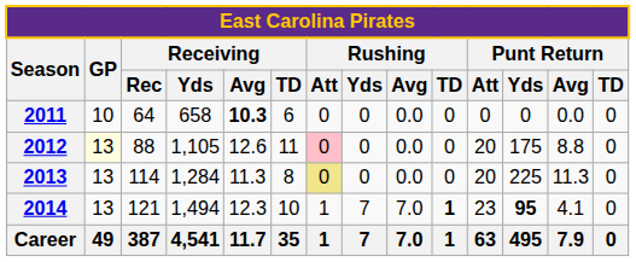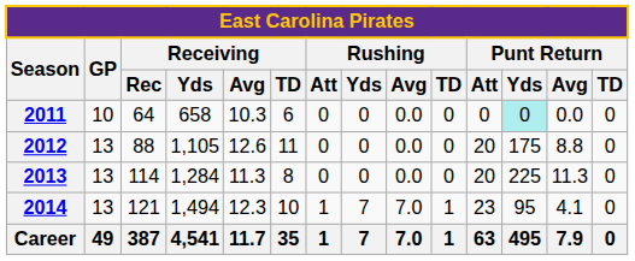 <table class=wikitable style="text-align:center;">
 <tr>
 <th colspan="15" style="background: #592A8A; border: 2px solid #FFC702; color:#FFC702;">East Carolina Pirates</th>
 </tr>
 <tr>
 <th rowspan="2">Season</th>
 <th rowspan="2">GP</th>
 <th colspan="4">Receiving</th>
 <th colspan="4">Rushing</th>
 <th colspan="4">Punt Return</th>
 </tr>
 <tr>
 <th>Rec</th>
 <th>Yds</th>
 <th>Avg</th>
 <th>TD</th>
 <th>Att</th>
 <th>Yds</th>
 <th>Avg</th>
 <th>TD</th>
 <th>Att</th>
 <th>Yds</th>
 <th>Avg</th>
 <th>TD</th>
 </tr>
 <tr>
 <th><a href='#'>2011</a></th>
 <td>10</td>
 <td>64</td>
 <td>658</td>
-<td><strong>10.3</strong></td>
+<td>10.3</td>
 <td>6</td>
 <td>0</td>
 <td>0</td>
 <td>0.0</td>
 <td>0</td>
 <td>0</td>
-<td>0</td>
+<td style="background: paleturquoise;">0</td>
 <td>0.0</td>
 <td>0</td>
 </tr>
 <tr>
 <th><a href='#'>2012</a></th>
-<td style="background: lightyellow;">13</td>
+<td>13</td>
 <td>88</td>
 <td>1,105</td>
 <td>12.6</td>
 <td>11</td>
-<td style="background: pink;">0</td>
+<td>0</td>
 <td>0</td>
 <td>0.0</td>
 <td>0</td>
 <td>20</td>
 <td>175</td>
 <td>8.8</td>
 <td>0</td>
 </tr>
 <tr>
 <th><a href='#'>2013</a></th>
 <td>13</td>
 <td>114</td>
 <td>1,284</td>
 <td>11.3</td>
 <td>8</td>
-<td style="background: khaki;">0</td>
+<td>0</td>
 <td>0</td>
 <td>0.0</td>
 <td>0</td>
 <td>20</td>
 <td>225</td>
 <td>11.3</td>
 <td>0</td>
 </tr>
 <tr>
 <th><a href='#'>2014</a></th>
 <td>13</td>
 <td>121</td>
 <td>1,494</td>
 <td>12.3</td>
 <td>10</td>
 <td>1</td>
 <td>7</td>
 <td>7.0</td>
-<td><strong>1</strong></td>
+<td>1</td>
 <td>23</td>
-<td><strong>95</strong></td>
+<td>95</td>
 <td>4.1</td>
 <td>0</td>
 </tr>
 <tr>
 <th>Career</th>
 <th>49</th>
 <th>387</th>
 <th>4,541</th>
 <th>11.7</th>
 <th>35</th>
 <th>1</th>
 <th>7</th>
 <th>7.0</th>
 <th>1</th>
 <th>63</th>
 <th>495</th>
 <th>7.9</th>
 <th>0</th>
 </tr>
 </table>
